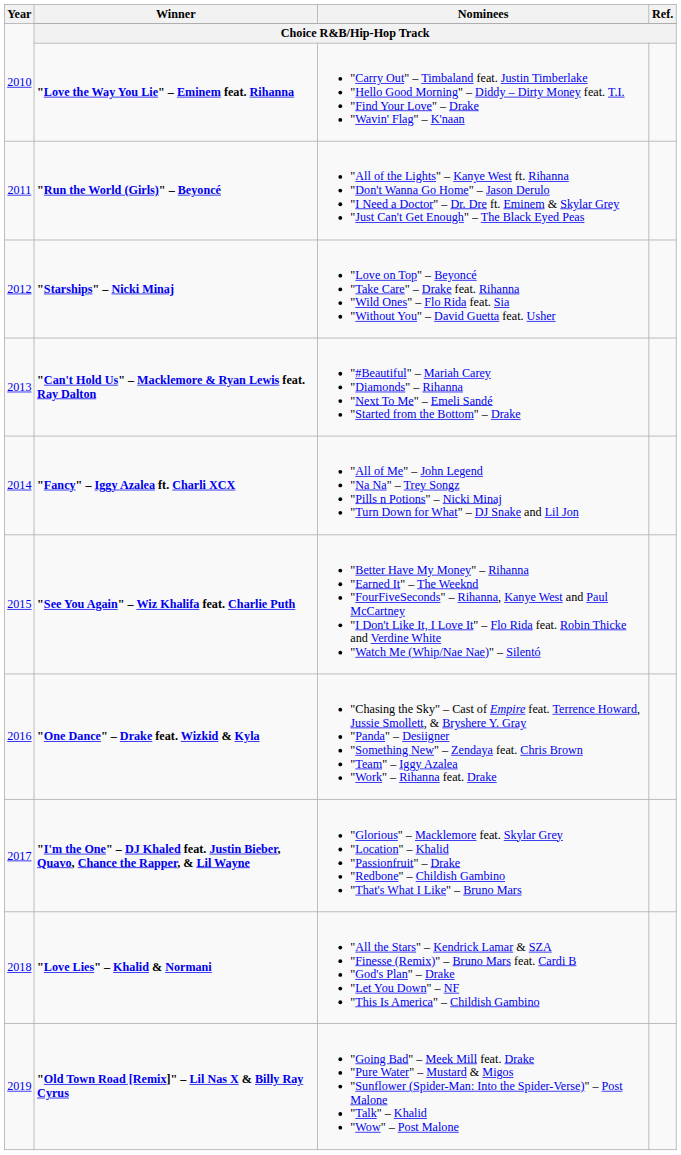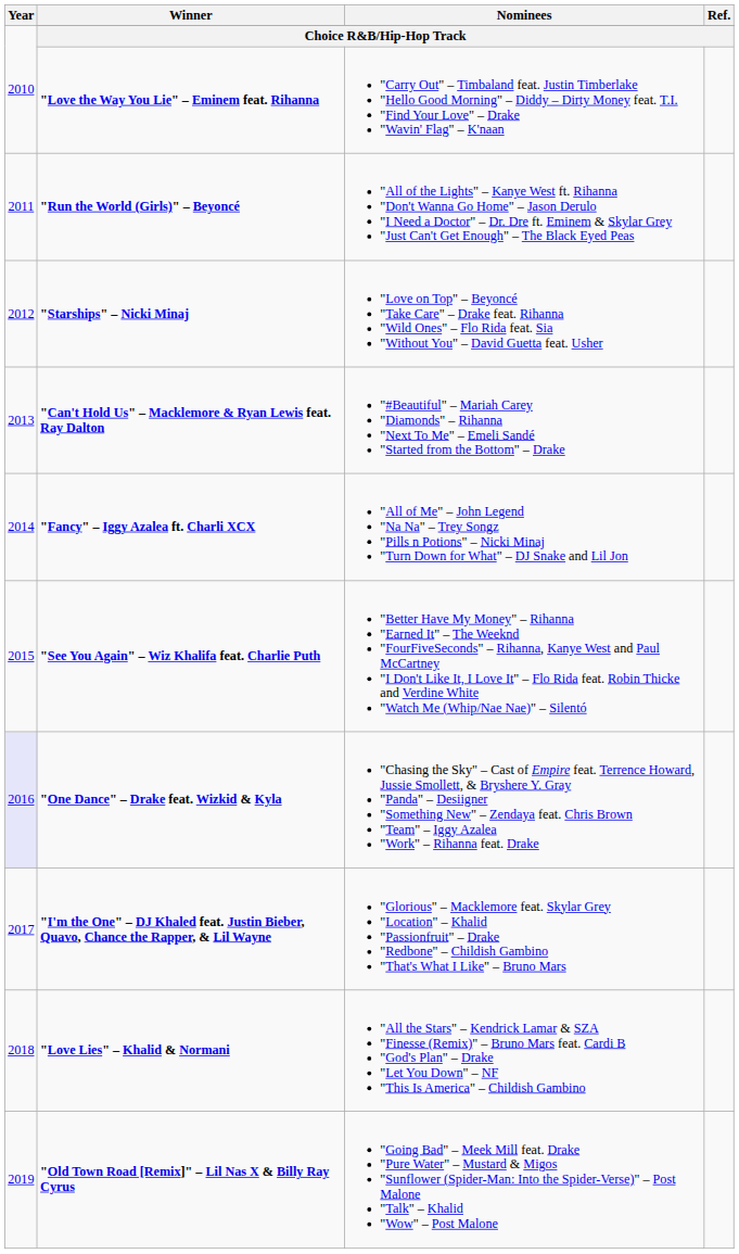 <table class="wikitable" width=70%>
 <tr>
 <th>Year</th>
 <th>Winner</th>
 <th>Nominees</th>
 <th>Ref.</th>
 </tr>
 <tr>
 <td align="center" rowspan="3"><a href='#'>2010</a></td>
 </tr>
 <tr>
 <th colspan="3">Choice R&B/Hip-Hop Track</th>
 </tr>
 <tr>
 <td><strong>"<a href='#'>Love the Way You Lie</a>" – <a href='#'>Eminem</a> feat. <a href='#'>Rihanna</a></strong></td>
 <td><br><ul><li>"<a href='#'>Carry Out</a>" – <a href='#'>Timbaland</a> feat. <a href='#'>Justin Timberlake</a></li><li>"<a href='#'>Hello Good Morning</a>" – <a href='#'>Diddy – Dirty Money</a> feat. <a href='#'>T.I.</a></li><li>"<a href='#'>Find Your Love</a>" – <a href='#'>Drake</a></li><li>"<a href='#'>Wavin' Flag</a>" – <a href='#'>K'naan</a></li></ul></td>
 <td align="center"></td>
 </tr>
 <tr>
 <td align="center"><a href='#'>2011</a></td>
 <td><strong>"<a href='#'>Run the World (Girls)</a>" – <a href='#'>Beyoncé</a></strong></td>
 <td><br><ul><li>"<a href='#'>All of the Lights</a>" – <a href='#'>Kanye West</a> ft. <a href='#'>Rihanna</a></li><li>"<a href='#'>Don't Wanna Go Home</a>" – <a href='#'>Jason Derulo</a></li><li>"<a href='#'>I Need a Doctor</a>" – <a href='#'>Dr. Dre</a> ft. <a href='#'>Eminem</a> & <a href='#'>Skylar Grey</a></li><li>"<a href='#'>Just Can't Get Enough</a>" – <a href='#'>The Black Eyed Peas</a></li></ul></td>
 <td align="center"></td>
 </tr>
 <tr>
 <td align="center"><a href='#'>2012</a></td>
 <td><strong>"<a href='#'>Starships</a>" – <a href='#'>Nicki Minaj</a></strong></td>
 <td><br><ul><li>"<a href='#'>Love on Top</a>" – <a href='#'>Beyoncé</a></li><li>"<a href='#'>Take Care</a>" – <a href='#'>Drake</a> feat. <a href='#'>Rihanna</a></li><li>"<a href='#'>Wild Ones</a>" – <a href='#'>Flo Rida</a> feat. <a href='#'>Sia</a></li><li>"<a href='#'>Without You</a>" – <a href='#'>David Guetta</a> feat. <a href='#'>Usher</a></li></ul></td>
 <td align="center"></td>
 </tr>
 <tr>
 <td align="center"><a href='#'>2013</a></td>
 <td><strong>"<a href='#'>Can't Hold Us</a>" – <a href='#'>Macklemore & Ryan Lewis</a> feat. <a href='#'>Ray Dalton</a></strong></td>
 <td><br><ul><li>"<a href='#'>#Beautiful</a>" – <a href='#'>Mariah Carey</a></li><li>"<a href='#'>Diamonds</a>" – <a href='#'>Rihanna</a></li><li>"<a href='#'>Next To Me</a>" – <a href='#'>Emeli Sandé</a></li><li>"<a href='#'>Started from the Bottom</a>" – <a href='#'>Drake</a></li></ul></td>
 <td align="center"></td>
 </tr>
 <tr>
 <td align="center"><a href='#'>2014</a></td>
 <td><strong>"<a href='#'>Fancy</a>" – <a href='#'>Iggy Azalea</a> ft. <a href='#'>Charli XCX</a></strong></td>
 <td><br><ul><li>"<a href='#'>All of Me</a>" – <a href='#'>John Legend</a></li><li>"<a href='#'>Na Na</a>" – <a href='#'>Trey Songz</a></li><li>"<a href='#'>Pills n Potions</a>" – <a href='#'>Nicki Minaj</a></li><li>"<a href='#'>Turn Down for What</a>" – <a href='#'>DJ Snake</a> and <a href='#'>Lil Jon</a></li></ul></td>
 <td align="center"></td>
 </tr>
 <tr>
 <td align="center"><a href='#'>2015</a></td>
 <td><strong>"<a href='#'>See You Again</a>" – <a href='#'>Wiz Khalifa</a> feat. <a href='#'>Charlie Puth</a></strong></td>
 <td><br><ul><li>"<a href='#'>Better Have My Money</a>" – <a href='#'>Rihanna</a></li><li>"<a href='#'>Earned It</a>" – <a href='#'>The Weeknd</a></li><li>"<a href='#'>FourFiveSeconds</a>" – <a href='#'>Rihanna</a>, <a href='#'>Kanye West</a> and <a href='#'>Paul McCartney</a></li><li>"<a href='#'>I Don't Like It, I Love It</a>" – <a href='#'>Flo Rida</a> feat. <a href='#'>Robin Thicke</a> and <a href='#'>Verdine White</a></li><li>"<a href='#'>Watch Me (Whip/Nae Nae)</a>" – <a href='#'>Silentó</a></li></ul></td>
 <td align="center"></td>
 </tr>
 <tr>
-<td align="center"><a href='#'>2016</a></td>
+<td align="center" style="background: lavender;"><a href='#'>2016</a></td>
 <td><strong>"<a href='#'>One Dance</a>" – <a href='#'>Drake</a> feat. <a href='#'>Wizkid</a> & <a href='#'>Kyla</a></strong></td>
 <td><br><ul><li>"Chasing the Sky" – Cast of <em><a href='#'>Empire</a></em> feat. <a href='#'>Terrence Howard</a>, <a href='#'>Jussie Smollett</a>, & <a href='#'>Bryshere Y. Gray</a></li><li>"<a href='#'>Panda</a>" – <a href='#'>Desiigner</a></li><li>"<a href='#'>Something New</a>" – <a href='#'>Zendaya</a> feat. <a href='#'>Chris Brown</a></li><li>"<a href='#'>Team</a>" – <a href='#'>Iggy Azalea</a></li><li>"<a href='#'>Work</a>" – <a href='#'>Rihanna</a> feat. <a href='#'>Drake</a></li></ul></td>
 <td align="center"></td>
 </tr>
 <tr>
 <td align="center"><a href='#'>2017</a></td>
 <td><strong>"<a href='#'>I'm the One</a>" – <a href='#'>DJ Khaled</a> feat. <a href='#'>Justin Bieber</a>, <a href='#'>Quavo</a>, <a href='#'>Chance the Rapper</a>, & <a href='#'>Lil Wayne</a></strong></td>
 <td><br><ul><li>"<a href='#'>Glorious</a>" – <a href='#'>Macklemore</a> feat. <a href='#'>Skylar Grey</a></li><li>"<a href='#'>Location</a>" – <a href='#'>Khalid</a></li><li>"<a href='#'>Passionfruit</a>" – <a href='#'>Drake</a></li><li>"<a href='#'>Redbone</a>" – <a href='#'>Childish Gambino</a></li><li>"<a href='#'>That's What I Like</a>" – <a href='#'>Bruno Mars</a></li></ul></td>
 <td align="center"></td>
 </tr>
 <tr>
 <td align="center"><a href='#'>2018</a></td>
 <td><strong>"<a href='#'>Love Lies</a>" – <a href='#'>Khalid</a> & <a href='#'>Normani</a></strong></td>
 <td><br><ul><li>"<a href='#'>All the Stars</a>" – <a href='#'>Kendrick Lamar</a> & <a href='#'>SZA</a></li><li>"<a href='#'>Finesse (Remix)</a>" – <a href='#'>Bruno Mars</a> feat. <a href='#'>Cardi B</a></li><li>"<a href='#'>God's Plan</a>" – <a href='#'>Drake</a></li><li>"<a href='#'>Let You Down</a>" – <a href='#'>NF</a></li><li>"<a href='#'>This Is America</a>" – <a href='#'>Childish Gambino</a></li></ul></td>
 <td align="center"></td>
 </tr>
 <tr>
 <td><a href='#'>2019</a></td>
 <td><strong>"<a href='#'>Old Town Road [Remix</a>]" – <a href='#'>Lil Nas X</a> & <a href='#'>Billy Ray Cyrus</a></strong></td>
 <td><br><ul><li>"<a href='#'>Going Bad</a>" – <a href='#'>Meek Mill</a> feat. <a href='#'>Drake</a></li><li>"<a href='#'>Pure Water</a>" – <a href='#'>Mustard</a> & <a href='#'>Migos</a></li><li>"<a href='#'>Sunflower (Spider-Man: Into the Spider-Verse)</a>" – <a href='#'>Post Malone</a></li><li>"<a href='#'>Talk</a>" – <a href='#'>Khalid</a></li><li>"<a href='#'>Wow</a>" – <a href='#'>Post Malone</a></li></ul></td>
 <td></td>
 </tr>
 </table>
